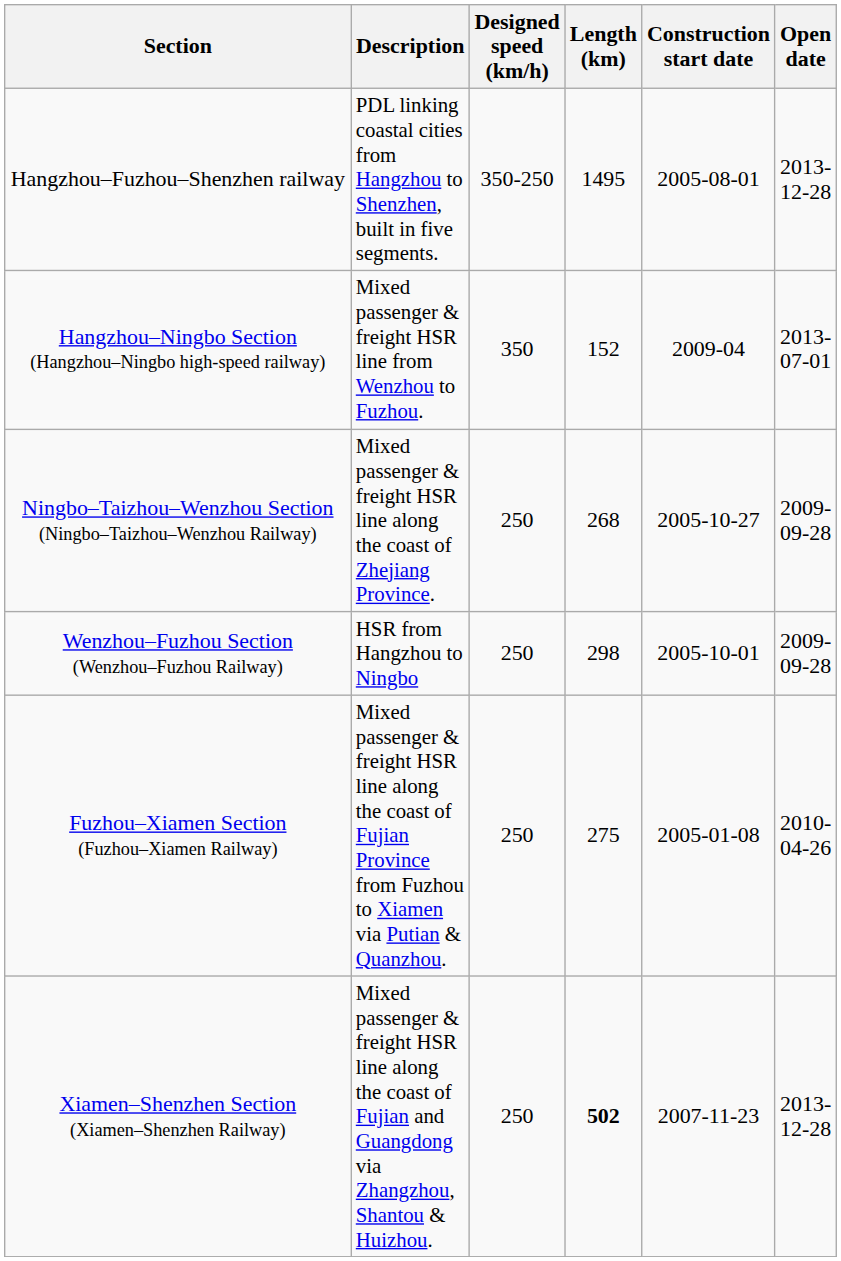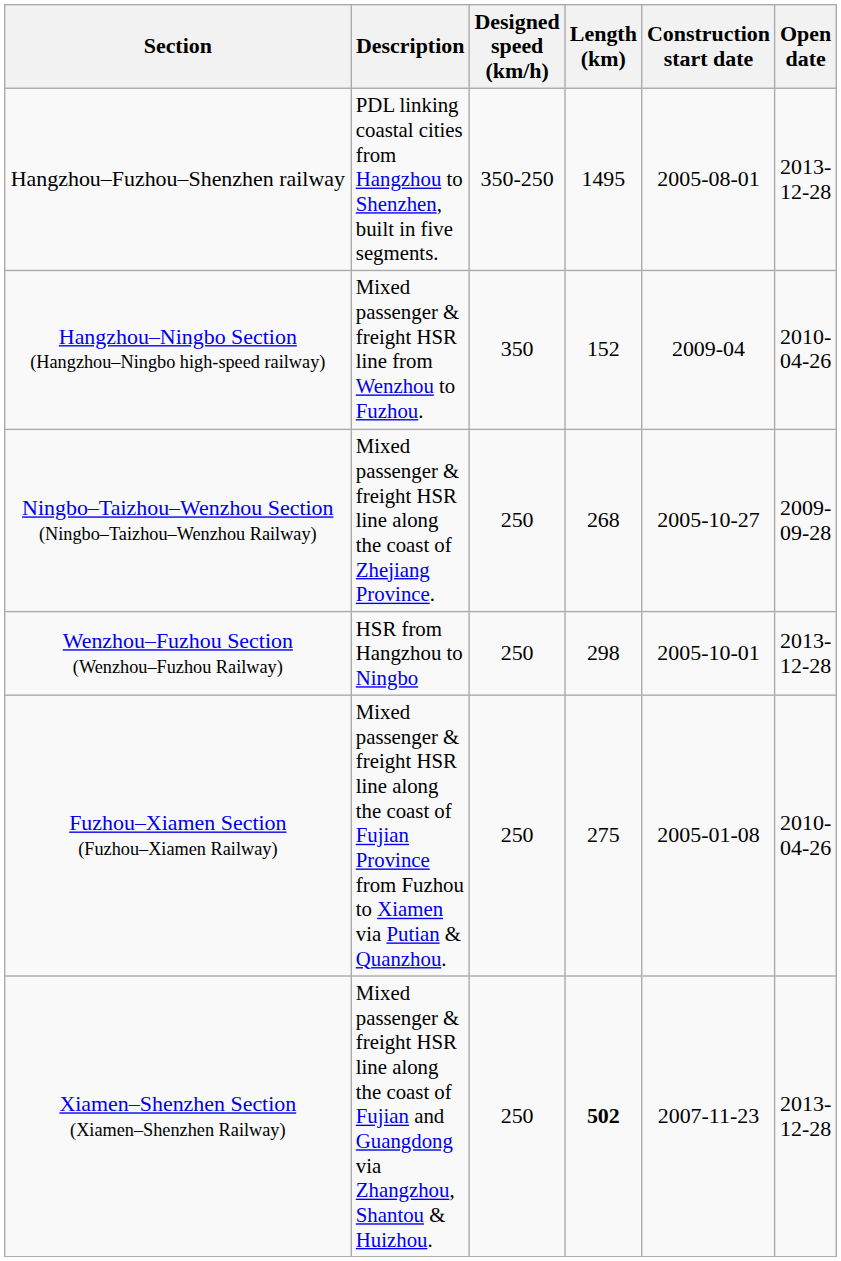 <table class="wikitable sortable" style="font-size:100%;text-align: center;">
 <tr>
 <th width="270">Section</th>
 <th>Description</th>
 <th>Designed<br>speed<br>(km/h)<br></th>
 <th>Length<br>(km)<br></th>
 <th>Construction<br>start date<br></th>
 <th>Open date</th>
 </tr>
 <tr>
 <td style="font-size:100%;">Hangzhou–Fuzhou–Shenzhen railway<br></td>
 <td style="font-size:95%; text-align:left">PDL linking coastal cities from <a href='#'>Hangzhou</a> to <a href='#'>Shenzhen</a>, built in five segments.</td>
 <td>350-250</td>
 <td>1495</td>
 <td>2005-08-01</td>
 <td>2013-12-28</td>
 </tr>
 <tr>
 <td><a href='#'>Hangzhou–Ningbo Section</a><br><small>(Hangzhou–Ningbo high-speed railway)</small></td>
 <td style="font-size:95%; text-align:left">Mixed passenger & freight HSR line from <a href='#'>Wenzhou</a> to <a href='#'>Fuzhou</a>.</td>
 <td>350</td>
 <td>152</td>
 <td>2009-04</td>
-<td>2013-07-01</td>
+<td>2010-04-26</td>
 </tr>
 <tr>
 <td><a href='#'>Ningbo–Taizhou–Wenzhou Section</a><br><small>(Ningbo–Taizhou–Wenzhou Railway)</small></td>
 <td style="font-size:95%; text-align:left">Mixed passenger & freight HSR line along the coast of <a href='#'>Zhejiang Province</a>.</td>
 <td>250</td>
 <td>268</td>
 <td>2005-10-27</td>
 <td>2009-09-28</td>
 </tr>
 <tr>
 <td><a href='#'>Wenzhou–Fuzhou Section</a><br><small>(Wenzhou–Fuzhou Railway)</small></td>
 <td style="font-size:95%; text-align:left">HSR from Hangzhou to <a href='#'>Ningbo</a></td>
 <td>250</td>
 <td>298</td>
 <td>2005-10-01</td>
-<td>2009-09-28</td>
+<td>2013-12-28</td>
 </tr>
 <tr>
 <td><a href='#'>Fuzhou–Xiamen Section</a><br><small>(Fuzhou–Xiamen Railway)</small></td>
 <td style="font-size:95%; text-align:left">Mixed passenger & freight HSR line along the coast of <a href='#'>Fujian Province</a> from Fuzhou to <a href='#'>Xiamen</a> via <a href='#'>Putian</a> & <a href='#'>Quanzhou</a>.</td>
 <td>250</td>
 <td>275</td>
 <td>2005-01-08</td>
 <td>2010-04-26</td>
 </tr>
 <tr>
 <td><a href='#'>Xiamen–Shenzhen Section</a><br><small>(Xiamen–Shenzhen Railway)</small><br></td>
 <td style="font-size:95%; text-align:left">Mixed passenger & freight HSR line along the coast of <a href='#'>Fujian</a> and <a href='#'>Guangdong</a> via <a href='#'>Zhangzhou</a>, <a href='#'>Shantou</a> & <a href='#'>Huizhou</a>.</td>
 <td>250</td>
 <td><strong>502</strong></td>
 <td>2007-11-23</td>
 <td>2013-12-28</td>
 </tr>
 <tr>
 </tr>
 </table>
